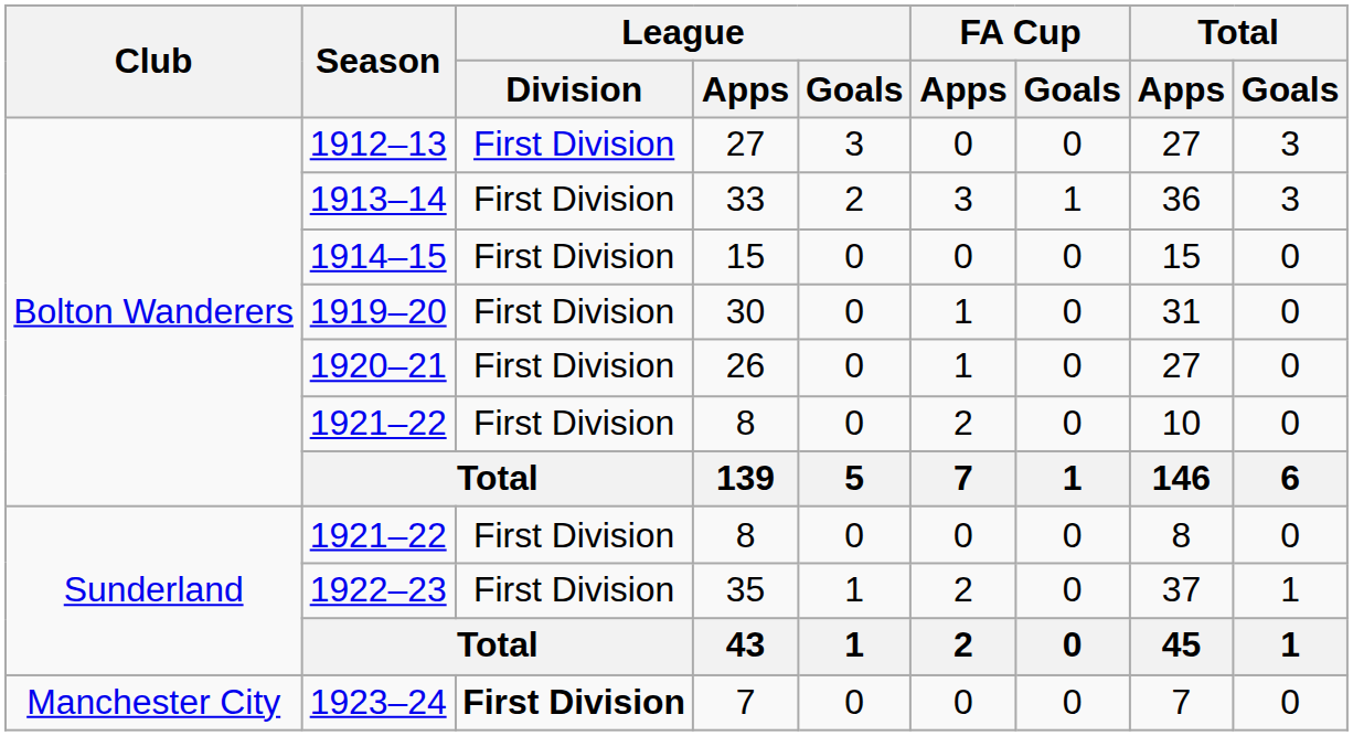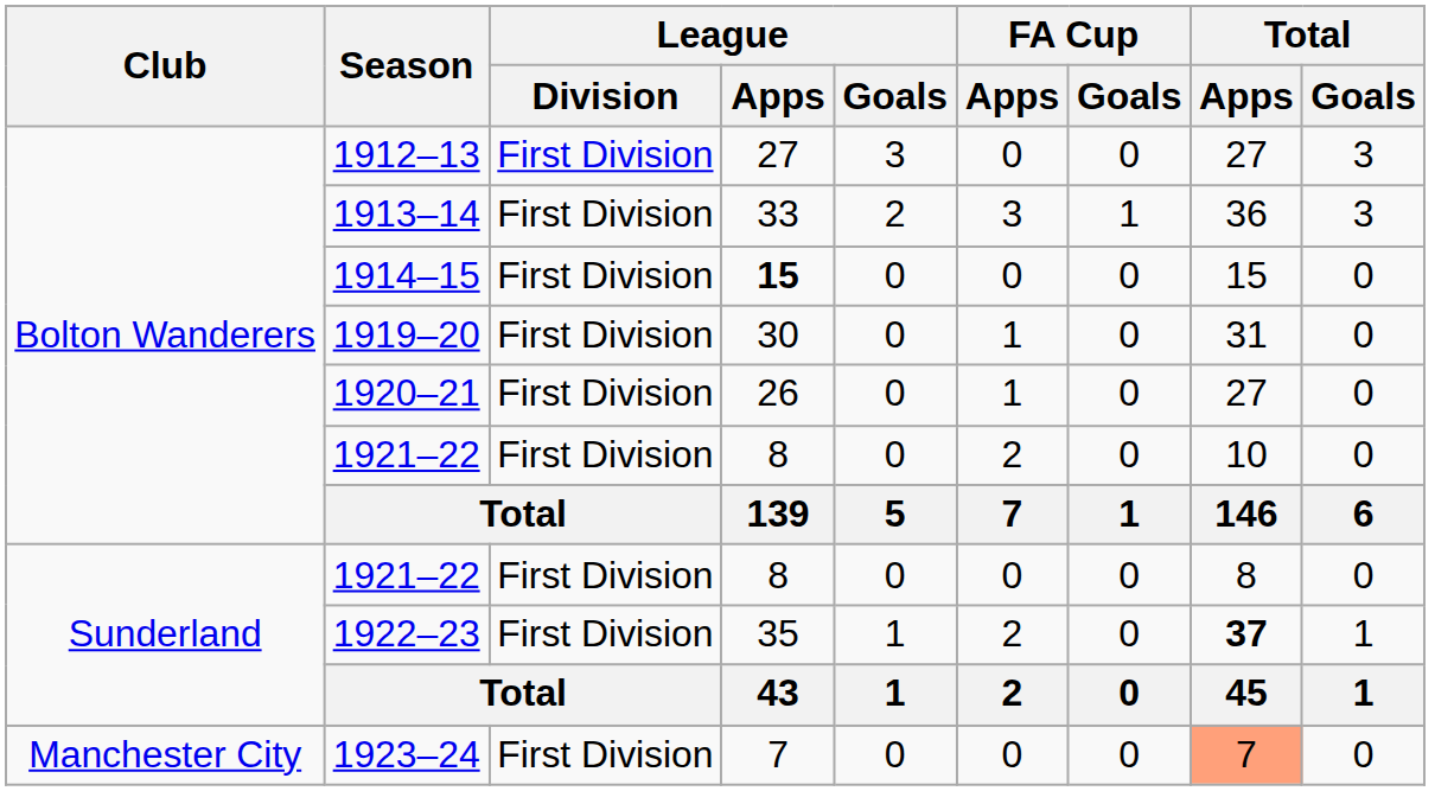 <table class="wikitable" style="text-align: center;">
 <tr>
 <th rowspan="2">Club</th>
 <th rowspan="2">Season</th>
 <th colspan="3">League</th>
 <th colspan="2">FA Cup</th>
 <th colspan="2">Total</th>
 </tr>
 <tr>
 <th>Division</th>
 <th>Apps</th>
 <th>Goals</th>
 <th>Apps</th>
 <th>Goals</th>
 <th>Apps</th>
 <th>Goals</th>
 </tr>
 <tr>
 <td rowspan="7"><a href='#'>Bolton Wanderers</a></td>
 <td><a href='#'>1912–13</a></td>
 <td><a href='#'>First Division</a></td>
 <td>27</td>
 <td>3</td>
 <td>0</td>
 <td>0</td>
 <td>27</td>
 <td>3</td>
 </tr>
 <tr>
 <td><a href='#'>1913–14</a></td>
 <td>First Division</td>
 <td>33</td>
 <td>2</td>
 <td>3</td>
 <td>1</td>
 <td>36</td>
 <td>3</td>
 </tr>
 <tr>
 <td><a href='#'>1914–15</a></td>
 <td>First Division</td>
-<td>15</td>
+<td><strong>15</strong></td>
 <td>0</td>
 <td>0</td>
 <td>0</td>
 <td>15</td>
 <td>0</td>
 </tr>
 <tr>
 <td><a href='#'>1919–20</a></td>
 <td>First Division</td>
 <td>30</td>
 <td>0</td>
 <td>1</td>
 <td>0</td>
 <td>31</td>
 <td>0</td>
 </tr>
 <tr>
 <td><a href='#'>1920–21</a></td>
 <td>First Division</td>
 <td>26</td>
 <td>0</td>
 <td>1</td>
 <td>0</td>
 <td>27</td>
 <td>0</td>
 </tr>
 <tr>
 <td><a href='#'>1921–22</a></td>
 <td>First Division</td>
 <td>8</td>
 <td>0</td>
 <td>2</td>
 <td>0</td>
 <td>10</td>
 <td>0</td>
 </tr>
 <tr>
 <th colspan="2">Total</th>
 <th>139</th>
 <th>5</th>
 <th>7</th>
 <th>1</th>
 <th>146</th>
 <th>6</th>
 </tr>
 <tr>
 <td rowspan="3"><a href='#'>Sunderland</a></td>
 <td><a href='#'>1921–22</a></td>
 <td>First Division</td>
 <td>8</td>
 <td>0</td>
 <td>0</td>
 <td>0</td>
 <td>8</td>
 <td>0</td>
 </tr>
 <tr>
 <td><a href='#'>1922–23</a></td>
 <td>First Division</td>
 <td>35</td>
 <td>1</td>
 <td>2</td>
 <td>0</td>
-<td>37</td>
+<td><strong>37</strong></td>
 <td>1</td>
 </tr>
 <tr>
 <th colspan="2">Total</th>
 <th>43</th>
 <th>1</th>
 <th>2</th>
 <th>0</th>
 <th>45</th>
 <th>1</th>
 </tr>
 <tr>
 <td><a href='#'>Manchester City</a></td>
 <td><a href='#'>1923–24</a></td>
-<td><strong>First Division</strong></td>
+<td>First Division</td>
 <td>7</td>
 <td>0</td>
 <td>0</td>
 <td>0</td>
-<td>7</td>
+<td style="background: lightsalmon;">7</td>
 <td>0</td>
 </tr>
 </table>
